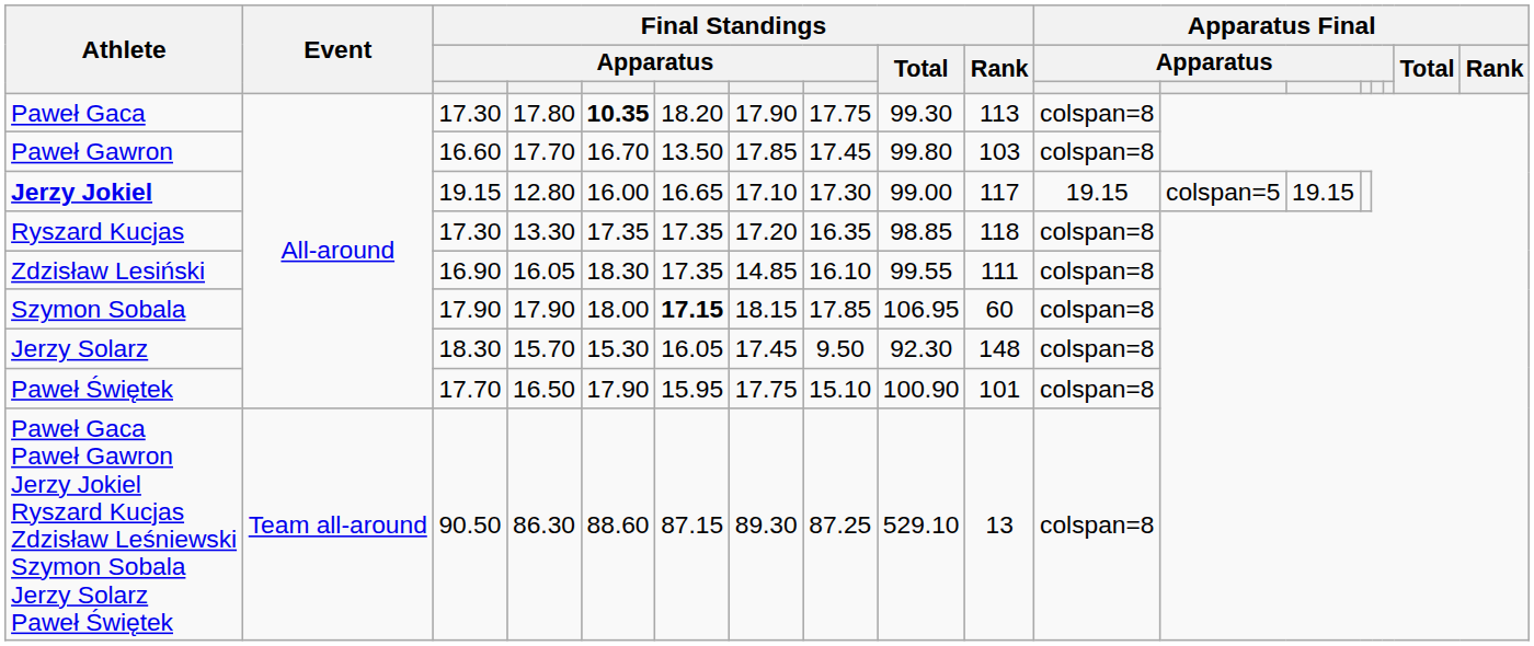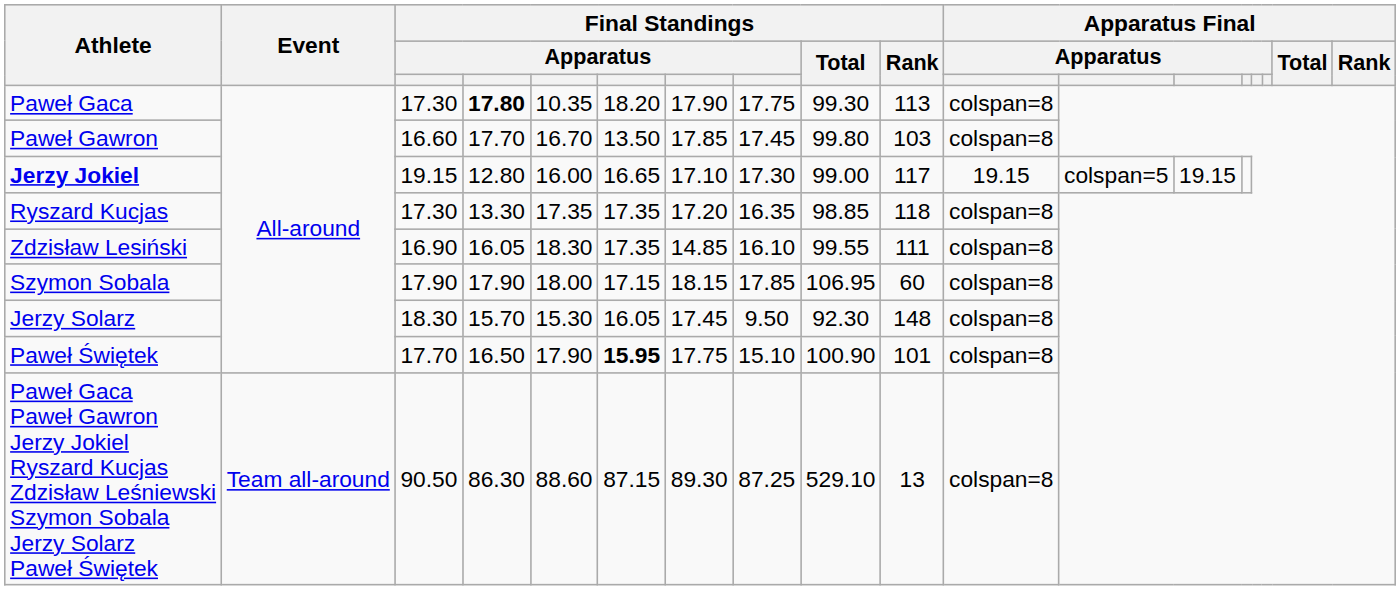 <table class="wikitable" style="font-size:90%">
 <tr>
 <th rowspan=3>Athlete</th>
 <th rowspan=3>Event</th>
 <th colspan =8>Final Standings</th>
 <th colspan =8>Apparatus Final</th>
 </tr>
 <tr style="font-size:95%">
 <th colspan=6>Apparatus</th>
 <th rowspan=2>Total</th>
 <th rowspan=2>Rank</th>
 <th colspan=6>Apparatus</th>
 <th rowspan=2>Total</th>
 <th rowspan=2>Rank</th>
 </tr>
 <tr style="font-size:95%">
 <th></th>
 <th></th>
 <th></th>
 <th></th>
 <th></th>
 <th></th>
 <th></th>
 <th></th>
 <th></th>
 <th></th>
 <th></th>
 <th></th>
 </tr>
 <tr align=center>
 <td align=left><a href='#'>Paweł Gaca</a></td>
 <td rowspan=8><a href='#'>All-around</a></td>
 <td>17.30</td>
-<td>17.80</td>
-<td><strong>10.35</strong></td>
+<td><strong>17.80</strong></td>
+<td>10.35</td>
 <td>18.20</td>
 <td>17.90</td>
 <td>17.75</td>
 <td>99.30</td>
 <td>113</td>
 <td>colspan=8 </td>
 </tr>
 <tr align=center>
 <td align=left><a href='#'>Paweł Gawron</a></td>
 <td>16.60</td>
 <td>17.70</td>
 <td>16.70</td>
 <td>13.50</td>
 <td>17.85</td>
 <td>17.45</td>
 <td>99.80</td>
 <td>103</td>
 <td>colspan=8 </td>
 </tr>
 <tr align=center>
 <td align=left><strong><a href='#'>Jerzy Jokiel</a></strong></td>
 <td>19.15</td>
 <td>12.80</td>
 <td>16.00</td>
 <td>16.65</td>
 <td>17.10</td>
 <td>17.30</td>
 <td>99.00</td>
 <td>117</td>
 <td>19.15</td>
 <td>colspan=5 </td>
 <td>19.15</td>
 <td></td>
 </tr>
 <tr align=center>
 <td align=left><a href='#'>Ryszard Kucjas</a></td>
 <td>17.30</td>
 <td>13.30</td>
 <td>17.35</td>
 <td>17.35</td>
 <td>17.20</td>
 <td>16.35</td>
 <td>98.85</td>
 <td>118</td>
 <td>colspan=8 </td>
 </tr>
 <tr align=center>
 <td align=left><a href='#'>Zdzisław Lesiński</a></td>
 <td>16.90</td>
 <td>16.05</td>
 <td>18.30</td>
 <td>17.35</td>
 <td>14.85</td>
 <td>16.10</td>
 <td>99.55</td>
 <td>111</td>
 <td>colspan=8 </td>
 </tr>
 <tr align=center>
 <td align=left><a href='#'>Szymon Sobala</a></td>
 <td>17.90</td>
 <td>17.90</td>
 <td>18.00</td>
-<td><strong>17.15</strong></td>
+<td>17.15</td>
 <td>18.15</td>
 <td>17.85</td>
 <td>106.95</td>
 <td>60</td>
 <td>colspan=8 </td>
 </tr>
 <tr align=center>
 <td align=left><a href='#'>Jerzy Solarz</a></td>
 <td>18.30</td>
 <td>15.70</td>
 <td>15.30</td>
 <td>16.05</td>
 <td>17.45</td>
 <td>9.50</td>
 <td>92.30</td>
 <td>148</td>
 <td>colspan=8 </td>
 </tr>
 <tr align=center>
 <td align=left><a href='#'>Paweł Świętek</a></td>
 <td>17.70</td>
 <td>16.50</td>
 <td>17.90</td>
-<td>15.95</td>
+<td><strong>15.95</strong></td>
 <td>17.75</td>
 <td>15.10</td>
 <td>100.90</td>
 <td>101</td>
 <td>colspan=8 </td>
 </tr>
 <tr align=center>
 <td align=left><a href='#'>Paweł Gaca</a><br><a href='#'>Paweł Gawron</a><br><a href='#'>Jerzy Jokiel</a><br><a href='#'>Ryszard Kucjas</a><br><a href='#'>Zdzisław Leśniewski</a><br><a href='#'>Szymon Sobala</a><br><a href='#'>Jerzy Solarz</a><br><a href='#'>Paweł Świętek</a></td>
 <td align=left><a href='#'>Team all-around</a></td>
 <td>90.50</td>
 <td>86.30</td>
 <td>88.60</td>
 <td>87.15</td>
 <td>89.30</td>
 <td>87.25</td>
 <td>529.10</td>
 <td>13</td>
 <td>colspan=8 </td>
 </tr>
 </table>
